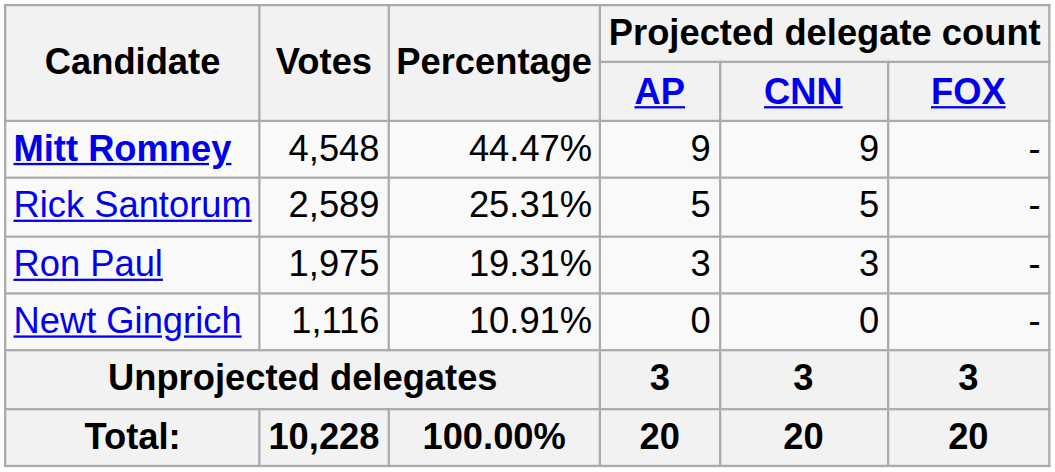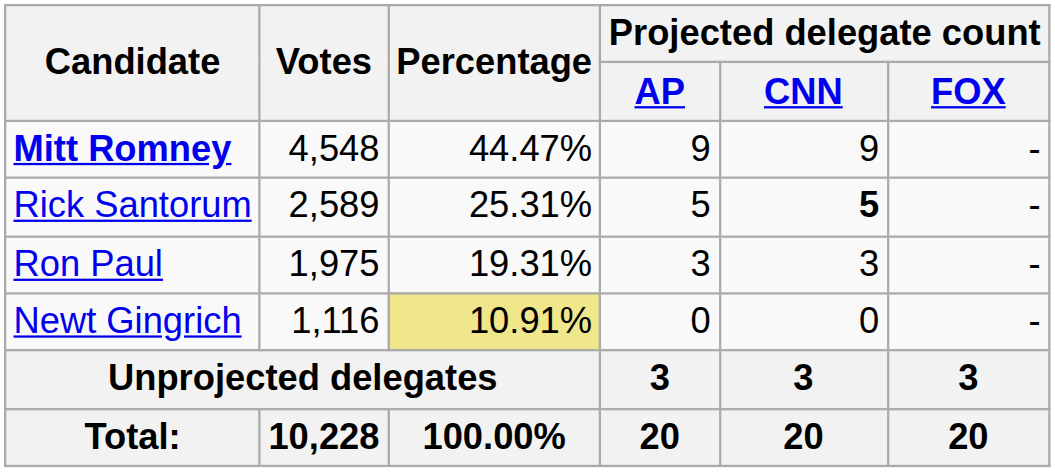 <table class="wikitable" style="text-align:right;">
 <tr>
 <th rowspan="2">Candidate</th>
 <th rowspan="2">Votes</th>
 <th rowspan="2">Percentage</th>
 <th colspan="3">Projected delegate count</th>
 </tr>
 <tr>
 <th><a href='#'>AP</a><br></th>
 <th><a href='#'>CNN</a><br></th>
 <th><a href='#'>FOX</a></th>
 </tr>
 <tr>
 <td style="text-align:left;"> <strong><a href='#'>Mitt Romney</a></strong></td>
 <td>4,548</td>
 <td>44.47%</td>
 <td>9</td>
 <td>9</td>
 <td>-</td>
 </tr>
 <tr>
 <td style="text-align:left;"><a href='#'>Rick Santorum</a></td>
 <td>2,589</td>
 <td>25.31%</td>
 <td>5</td>
-<td>5</td>
+<td><strong>5</strong></td>
 <td>-</td>
 </tr>
 <tr>
 <td style="text-align:left;"><a href='#'>Ron Paul</a></td>
 <td>1,975</td>
 <td>19.31%</td>
 <td>3</td>
 <td>3</td>
 <td>-</td>
 </tr>
 <tr>
 <td style="text-align:left;"><a href='#'>Newt Gingrich</a></td>
 <td>1,116</td>
-<td>10.91%</td>
+<td style="background: khaki;">10.91%</td>
 <td>0</td>
 <td>0</td>
 <td>-</td>
 </tr>
 <tr style="background:#eee;">
 <th colspan="3">Unprojected delegates</th>
 <th>3</th>
 <th>3</th>
 <th>3</th>
 </tr>
 <tr style="background:#eee;">
 <th>Total:</th>
 <th>10,228</th>
 <th>100.00%</th>
 <th>20</th>
 <th>20</th>
 <th>20</th>
 </tr>
 </table>
